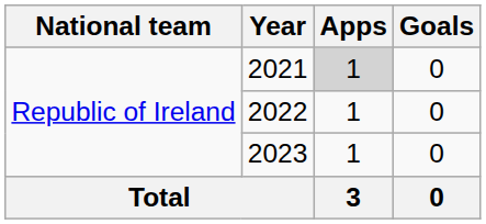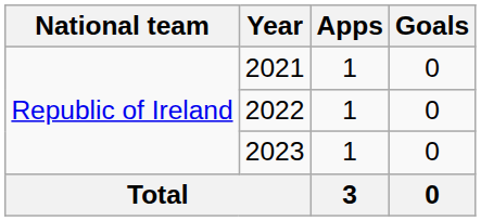 <table class="wikitable" style="text-align:center">
 <tr>
 <th>National team</th>
 <th>Year</th>
 <th>Apps</th>
 <th>Goals</th>
 </tr>
 <tr>
 <td rowspan="3"><a href='#'>Republic of Ireland</a></td>
 <td>2021</td>
-<td style="background: lightgrey;">1</td>
+<td>1</td>
 <td>0</td>
 </tr>
 <tr>
 <td>2022</td>
 <td>1</td>
 <td>0</td>
 </tr>
 <tr>
 <td>2023</td>
 <td>1</td>
 <td>0</td>
 </tr>
 <tr>
 <th colspan="2">Total</th>
 <th>3</th>
 <th>0</th>
 </tr>
 </table>
